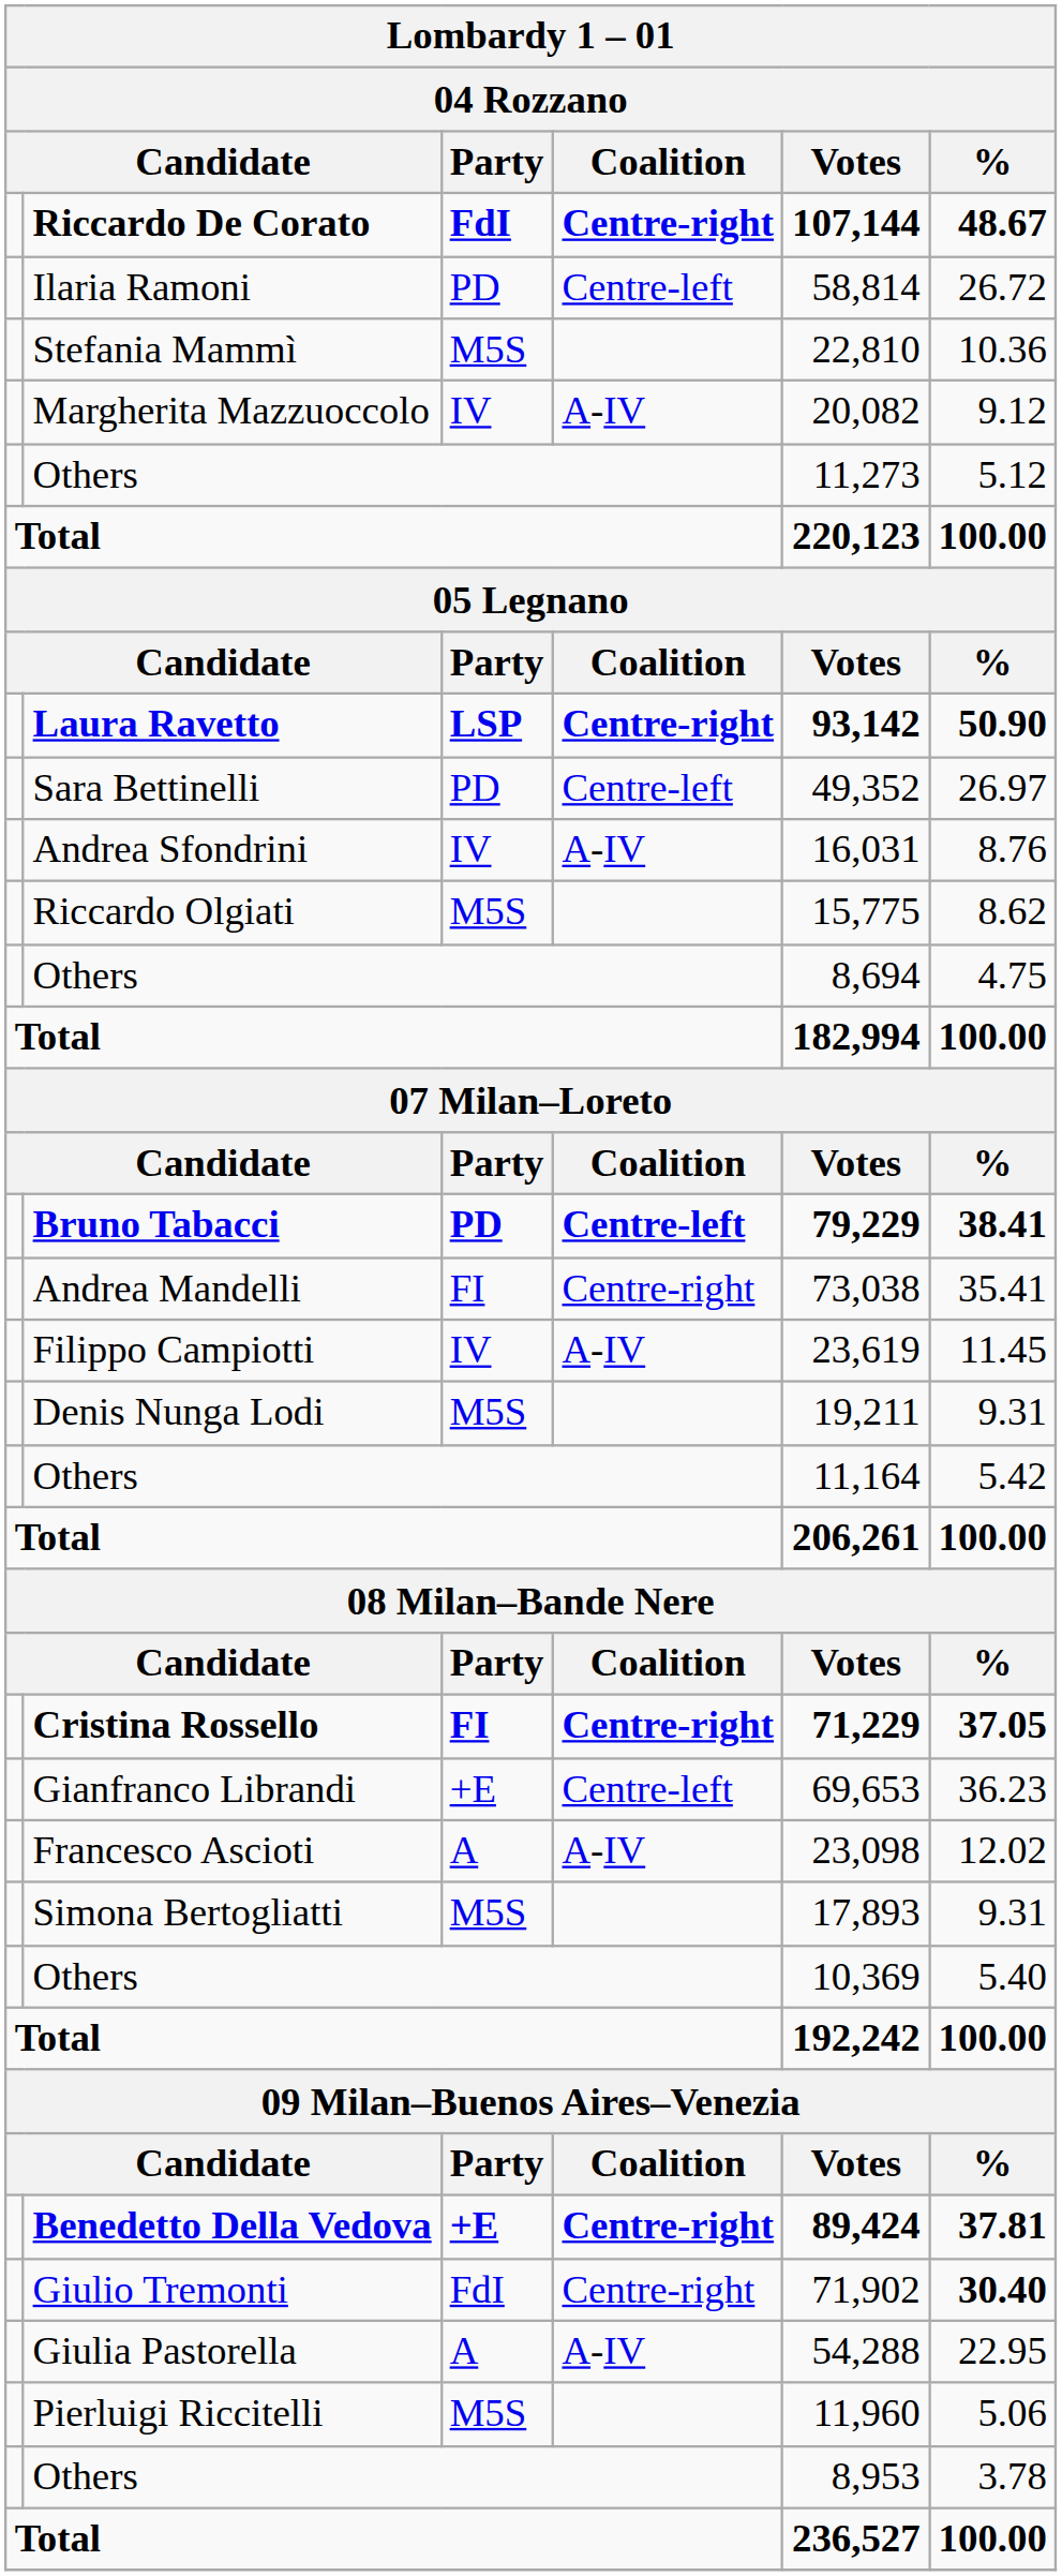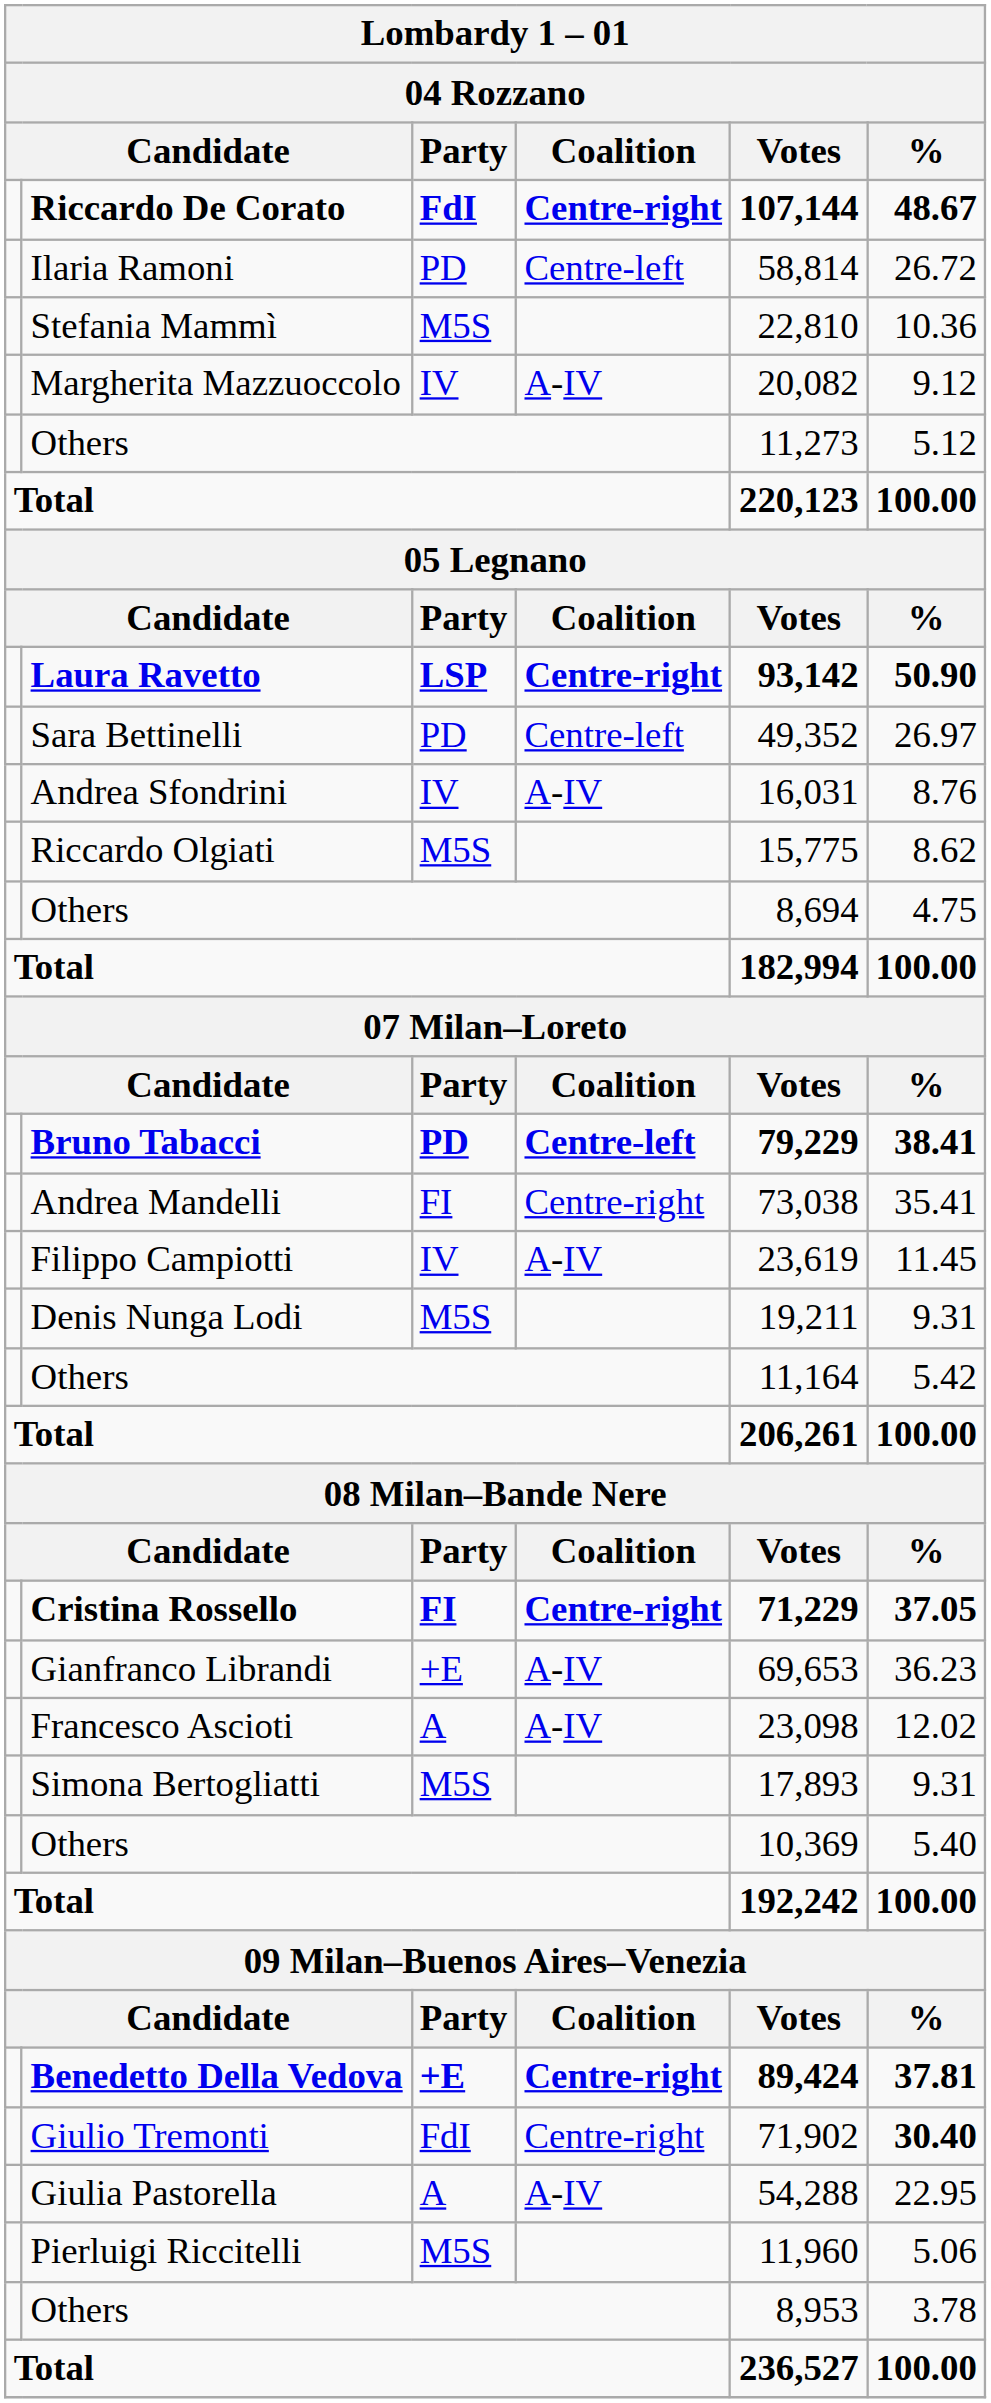 <table class=wikitable style=text-align:right>
 <tr>
 <th colspan=6>Lombardy 1 – 01</th>
 </tr>
 <tr>
 <th colspan=6>04 Rozzano</th>
 </tr>
 <tr>
 <th colspan=2>Candidate</th>
 <th>Party</th>
 <th>Coalition</th>
 <th>Votes</th>
 <th>%</th>
 </tr>
 <tr>
 <td></td>
 <td align=left><strong>Riccardo De Corato</strong></td>
 <td align=left><strong><a href='#'>FdI</a></strong></td>
 <td align=left><strong><a href='#'>Centre-right</a></strong></td>
 <td><strong>107,144</strong></td>
 <td><strong>48.67</strong></td>
 </tr>
 <tr>
 <td></td>
 <td align=left>Ilaria Ramoni</td>
 <td align=left><a href='#'>PD</a></td>
 <td align=left><a href='#'>Centre-left</a></td>
 <td>58,814</td>
 <td>26.72</td>
 </tr>
 <tr>
 <td></td>
 <td align=left>Stefania Mammì</td>
 <td align=left><a href='#'>M5S</a></td>
 <td></td>
 <td>22,810</td>
 <td>10.36</td>
 </tr>
 <tr>
 <td></td>
 <td align=left>Margherita Mazzuoccolo</td>
 <td align=left><a href='#'>IV</a></td>
 <td align=left><a href='#'>A</a>-<a href='#'>IV</a></td>
 <td>20,082</td>
 <td>9.12</td>
 </tr>
 <tr>
 <td></td>
 <td align=left colspan=3>Others</td>
 <td>11,273</td>
 <td>5.12</td>
 </tr>
 <tr>
 <td align=left colspan=4><strong>Total</strong></td>
 <td><strong>220,123</strong></td>
 <td><strong>100.00</strong></td>
 </tr>
 <tr>
 <th colspan=6>05 Legnano</th>
 </tr>
 <tr>
 <th colspan=2>Candidate</th>
 <th>Party</th>
 <th>Coalition</th>
 <th>Votes</th>
 <th>%</th>
 </tr>
 <tr>
 <td></td>
 <td align=left><strong><a href='#'>Laura Ravetto</a></strong></td>
 <td align=left><strong><a href='#'>LSP</a></strong></td>
 <td align=left><strong><a href='#'>Centre-right</a></strong></td>
 <td><strong>93,142</strong></td>
 <td><strong>50.90</strong></td>
 </tr>
 <tr>
 <td></td>
 <td align=left>Sara Bettinelli</td>
 <td align=left><a href='#'>PD</a></td>
 <td align=left><a href='#'>Centre-left</a></td>
 <td>49,352</td>
 <td>26.97</td>
 </tr>
 <tr>
 <td></td>
 <td align=left>Andrea Sfondrini</td>
 <td align=left><a href='#'>IV</a></td>
 <td align=left><a href='#'>A</a>-<a href='#'>IV</a></td>
 <td>16,031</td>
 <td>8.76</td>
 </tr>
 <tr>
 <td></td>
 <td align=left>Riccardo Olgiati</td>
 <td align=left><a href='#'>M5S</a></td>
 <td></td>
 <td>15,775</td>
 <td>8.62</td>
 </tr>
 <tr>
 <td></td>
 <td align=left colspan=3>Others</td>
 <td>8,694</td>
 <td>4.75</td>
 </tr>
 <tr>
 <td align=left colspan=4><strong>Total</strong></td>
 <td><strong>182,994</strong></td>
 <td><strong>100.00</strong></td>
 </tr>
 <tr>
 <th colspan=6>07 Milan–Loreto</th>
 </tr>
 <tr>
 <th colspan=2>Candidate</th>
 <th>Party</th>
 <th>Coalition</th>
 <th>Votes</th>
 <th>%</th>
 </tr>
 <tr>
 <td></td>
 <td align=left><strong><a href='#'>Bruno Tabacci</a></strong></td>
 <td align=left><strong><a href='#'>PD</a></strong></td>
 <td align=left><strong><a href='#'>Centre-left</a></strong></td>
 <td><strong>79,229</strong></td>
 <td><strong>38.41</strong></td>
 </tr>
 <tr>
 <td></td>
 <td align=left>Andrea Mandelli</td>
 <td align=left><a href='#'>FI</a></td>
 <td align=left><a href='#'>Centre-right</a></td>
 <td>73,038</td>
 <td>35.41</td>
 </tr>
 <tr>
 <td></td>
 <td align=left>Filippo Campiotti</td>
 <td align=left><a href='#'>IV</a></td>
 <td align=left><a href='#'>A</a>-<a href='#'>IV</a></td>
 <td>23,619</td>
 <td>11.45</td>
 </tr>
 <tr>
 <td></td>
 <td align=left>Denis Nunga Lodi</td>
 <td align=left><a href='#'>M5S</a></td>
 <td></td>
 <td>19,211</td>
 <td>9.31</td>
 </tr>
 <tr>
 <td></td>
 <td align=left colspan=3>Others</td>
 <td>11,164</td>
 <td>5.42</td>
 </tr>
 <tr>
 <td align=left colspan=4><strong>Total</strong></td>
 <td><strong>206,261</strong></td>
 <td><strong>100.00</strong></td>
 </tr>
 <tr>
 <th colspan=6>08 Milan–Bande Nere</th>
 </tr>
 <tr>
 <th colspan=2>Candidate</th>
 <th>Party</th>
 <th>Coalition</th>
 <th>Votes</th>
 <th>%</th>
 </tr>
 <tr>
 <td></td>
 <td align=left><strong>Cristina Rossello</strong></td>
 <td align=left><strong><a href='#'>FI</a></strong></td>
 <td align=left><strong><a href='#'>Centre-right</a></strong></td>
 <td><strong>71,229</strong></td>
 <td><strong>37.05</strong></td>
 </tr>
 <tr>
 <td></td>
 <td align=left>Gianfranco Librandi</td>
 <td align=left><a href='#'>+E</a></td>
-<td align=left><a href='#'>Centre-left</a></td>
+<td align=left><a href='#'>A</a>-<a href='#'>IV</a></td>
 <td>69,653</td>
 <td>36.23</td>
 </tr>
 <tr>
 <td></td>
 <td align=left>Francesco Ascioti</td>
 <td align=left><a href='#'>A</a></td>
 <td align=left><a href='#'>A</a>-<a href='#'>IV</a></td>
 <td>23,098</td>
 <td>12.02</td>
 </tr>
 <tr>
 <td></td>
 <td align=left>Simona Bertogliatti</td>
 <td align=left><a href='#'>M5S</a></td>
 <td></td>
 <td>17,893</td>
 <td>9.31</td>
 </tr>
 <tr>
 <td></td>
 <td align=left colspan=3>Others</td>
 <td>10,369</td>
 <td>5.40</td>
 </tr>
 <tr>
 <td align=left colspan=4><strong>Total</strong></td>
 <td><strong>192,242</strong></td>
 <td><strong>100.00</strong></td>
 </tr>
 <tr>
 <th colspan=6>09 Milan–Buenos Aires–Venezia</th>
 </tr>
 <tr>
 <th colspan=2>Candidate</th>
 <th>Party</th>
 <th>Coalition</th>
 <th>Votes</th>
 <th>%</th>
 </tr>
 <tr>
 <td></td>
 <td align=left><strong><a href='#'>Benedetto Della Vedova</a></strong></td>
 <td align=left><strong><a href='#'>+E</a></strong></td>
 <td align=left><strong><a href='#'>Centre-right</a></strong></td>
 <td><strong>89,424</strong></td>
 <td><strong>37.81</strong></td>
 </tr>
 <tr>
 <td></td>
 <td align=left><a href='#'>Giulio Tremonti</a></td>
 <td align=left><a href='#'>FdI</a></td>
 <td align=left><a href='#'>Centre-right</a></td>
 <td>71,902</td>
 <td><strong>30.40</strong></td>
 </tr>
 <tr>
 <td></td>
 <td align=left>Giulia Pastorella</td>
 <td align=left><a href='#'>A</a></td>
 <td align=left><a href='#'>A</a>-<a href='#'>IV</a></td>
 <td>54,288</td>
 <td>22.95</td>
 </tr>
 <tr>
 <td></td>
 <td align=left>Pierluigi Riccitelli</td>
 <td align=left><a href='#'>M5S</a></td>
 <td></td>
 <td>11,960</td>
 <td>5.06</td>
 </tr>
 <tr>
 <td></td>
 <td align=left colspan=3>Others</td>
 <td>8,953</td>
 <td>3.78</td>
 </tr>
 <tr>
 <td align=left colspan=4><strong>Total</strong></td>
 <td><strong>236,527</strong></td>
 <td><strong>100.00</strong></td>
 </tr>
 <tr>
 </tr>
 </table>
